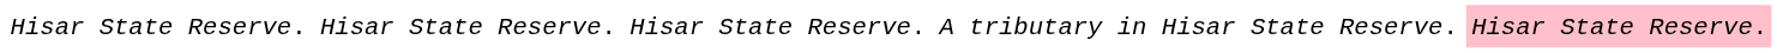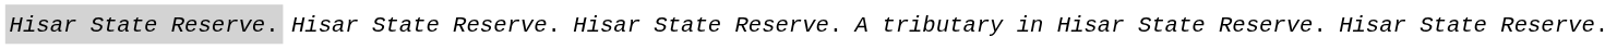 <table class="toccolours" border="0" cellpadding="2" cellspacing="2">
 <tr>
 <td></td>
 <td></td>
 <td></td>
 <td></td>
 <td></td>
 </tr>
 <tr>
-<td><div><small><em>Hisar State Reserve</em>.</small></div></td>
+<td style="background: lightgrey;"><div><small><em>Hisar State Reserve</em>.</small></div></td>
 <td><div><small><em>Hisar State Reserve</em>.</small></div></td>
 <td><div><small><em>Hisar State Reserve</em>.</small></div></td>
 <td><div><small><em>A tributary in Hisar State Reserve</em>.</small></div></td>
-<td style="background: pink;"><div><small><em>Hisar State Reserve</em>.</small></div></td>
+<td><div><small><em>Hisar State Reserve</em>.</small></div></td>
 </tr>
 <tr>
 </tr>
 </table>
